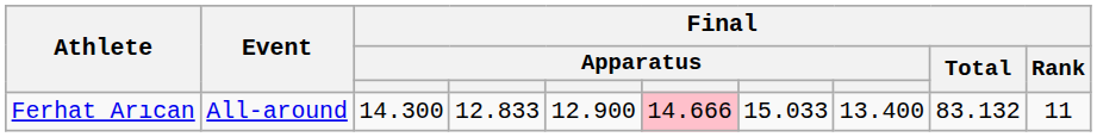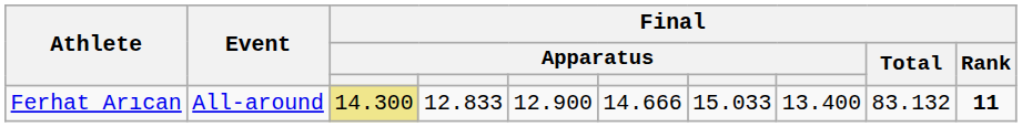 <table class="wikitable" style="font-size:90%">
 <tr>
 <th rowspan=3>Athlete</th>
 <th rowspan=3>Event</th>
 <th colspan =8>Final</th>
 </tr>
 <tr style="font-size:95%">
 <th colspan=6>Apparatus</th>
 <th rowspan=2>Total</th>
 <th rowspan=2>Rank</th>
 </tr>
 <tr style="font-size:95%">
 <th></th>
 <th></th>
 <th></th>
 <th></th>
 <th></th>
 <th></th>
 </tr>
 <tr align=center>
 <td align=left><a href='#'>Ferhat Arıcan</a></td>
 <td align=left><a href='#'>All-around</a></td>
-<td>14.300</td>
+<td style="background: khaki;">14.300</td>
 <td>12.833</td>
 <td>12.900</td>
-<td style="background: pink;">14.666</td>
+<td>14.666</td>
 <td>15.033</td>
 <td>13.400</td>
 <td>83.132</td>
-<td>11</td>
+<td><strong>11</strong></td>
 </tr>
 </table>
